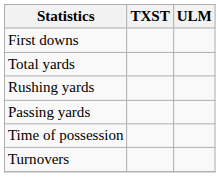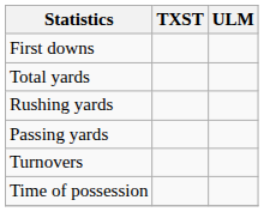 <table class="wikitable">
 <tr>
 <th>Statistics</th>
 <th>TXST</th>
 <th>ULM</th>
 </tr>
 <tr>
 <td>First downs</td>
 <td></td>
 <td></td>
 </tr>
 <tr>
 <td>Total yards</td>
 <td></td>
 <td></td>
 </tr>
 <tr>
 <td>Rushing yards</td>
 <td></td>
 <td></td>
 </tr>
 <tr>
 <td>Passing yards</td>
 <td></td>
 <td></td>
 </tr>
 <tr>
-<td>Time of possession</td>
+<td>Turnovers</td>
 <td></td>
 <td></td>
 </tr>
 <tr>
-<td>Turnovers</td>
+<td>Time of possession</td>
 <td></td>
 <td></td>
 </tr>
 <tr>
 </tr>
 </table>
